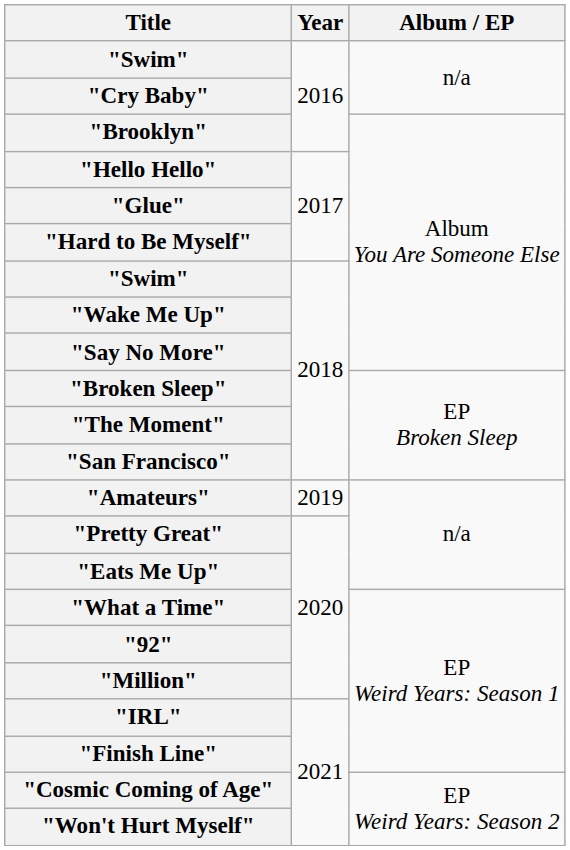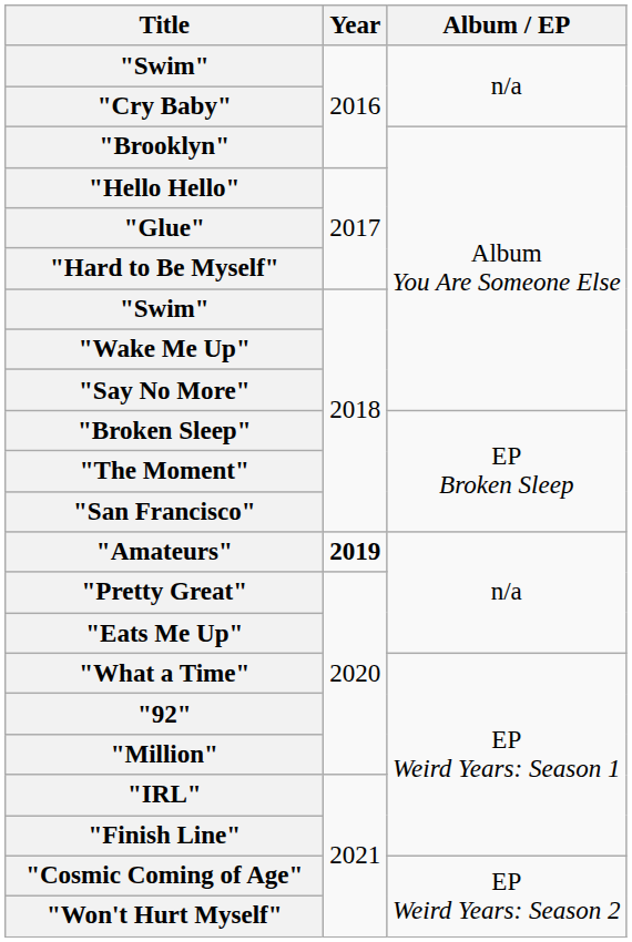 <table class="wikitable plainrowheaders" style="text-align:center;">
 <tr>
 <th scope="col" style="width:12em;">Title</th>
 <th scope="col">Year</th>
 <th scope="col">Album / EP</th>
 </tr>
 <tr>
 <th scope="row">"Swim"</th>
 <td rowspan=3>2016</td>
 <td rowspan=2>n/a</td>
 </tr>
 <tr>
 <th scope="row">"Cry Baby"</th>
 </tr>
 <tr>
 <th scope="row">"Brooklyn"</th>
 <td rowspan=7>Album<br><em>You Are Someone Else</em></td>
 </tr>
 <tr>
 <th scope="row">"Hello Hello"</th>
 <td rowspan="3">2017</td>
 </tr>
 <tr>
 <th scope="row">"Glue"</th>
 </tr>
 <tr>
 <th scope="row">"Hard to Be Myself"</th>
 </tr>
 <tr>
 <th scope="row">"Swim"<br></th>
 <td rowspan="6">2018</td>
 </tr>
 <tr>
 <th scope="row">"Wake Me Up"</th>
 </tr>
 <tr>
 <th scope="row">"Say No More"</th>
 </tr>
 <tr>
 <th scope="row">"Broken Sleep"</th>
 <td rowspan="3">EP<br><em>Broken Sleep</em></td>
 </tr>
 <tr>
 <th scope="row">"The Moment"</th>
 </tr>
 <tr>
 <th scope="row">"San Francisco"</th>
 </tr>
 <tr>
 <th scope="row">"Amateurs"<br></th>
-<td>2019</td>
+<td><strong>2019</strong></td>
 <td rowspan="3">n/a</td>
 </tr>
 <tr>
 <th scope="row">"Pretty Great"</th>
 <td rowspan="5">2020</td>
 </tr>
 <tr>
 <th scope="row">"Eats Me Up"</th>
 </tr>
 <tr>
 <th scope="row">"What a Time"</th>
 <td rowspan="5">EP<br><em>Weird Years: Season 1</em></td>
 </tr>
 <tr>
 <th scope="row">"92"</th>
 </tr>
 <tr>
 <th scope="row">"Million"<br></th>
 </tr>
 <tr>
 <th scope="row">"IRL"</th>
 <td rowspan="4">2021</td>
 </tr>
 <tr>
 <th scope="row">"Finish Line"<br></th>
 </tr>
 <tr>
 <th scope="row">"Cosmic Coming of Age"</th>
 <td rowspan="2">EP<br><em>Weird Years: Season 2</em></td>
 </tr>
 <tr>
 <th scope="row">"Won't Hurt Myself"</th>
 </tr>
 </table>
